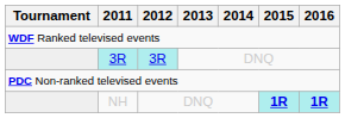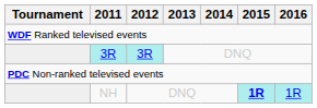 <table class="wikitable" style="width:20%; margin:0">
 <tr>
 <th>Tournament</th>
 <th>2011</th>
 <th>2012</th>
 <th>2013</th>
 <th>2014</th>
 <th>2015</th>
 <th>2016</th>
 </tr>
 <tr>
 <td colspan="10" style="text-align:left"><small><strong><a href='#'>WDF</a> </strong>Ranked televised events</small></td>
 </tr>
 <tr>
 <td style="background:#efefef;"></td>
 <td style="text-align:center; background:#afeeee;"><a href='#'>3R</a></td>
 <td style="text-align:center; background:#afeeee;"><a href='#'>3R</a></td>
 <td colspan="4" style="text-align:center; color:#ccc;">DNQ</td>
 </tr>
 <tr>
 <td colspan="10" style="text-align:left"><small><strong><a href='#'>PDC</a> </strong>Non-ranked televised events</small></td>
 </tr>
 <tr>
 <td style="background:#efefef;"></td>
 <td style="text-align:center; color:#ccc;">NH</td>
 <td colspan="3" style="text-align:center; color:#ccc;">DNQ</td>
 <td style="text-align:center; background:#afeeee;"><strong><a href='#'>1R</a></strong></td>
-<td style="text-align:center; background:#afeeee;"><strong><a href='#'>1R</a></strong></td>
+<td style="text-align:center; background:#afeeee;"><a href='#'>1R</a></td>
 </tr>
 </table>
